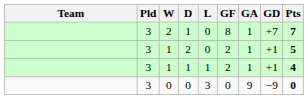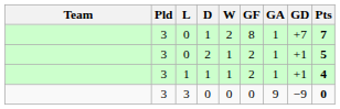 <table class="wikitable" style="text-align:center;">
 <tr>
 <th width=180>Team</th>
 <th width=20>Pld</th>
+<th width=20>L</th>
+<th width=20>D</th>
 <th width=20>W</th>
-<th width=20>D</th>
-<th width=20>L</th>
 <th width=20>GF</th>
 <th width=20>GA</th>
 <th width=20>GD</th>
 <th width=20>Pts</th>
 </tr>
 <tr bgcolor=ccffcc>
 <td align="left"></td>
 <td>3</td>
+<td>0</td>
+<td>1</td>
 <td>2</td>
-<td>1</td>
-<td>0</td>
 <td>8</td>
 <td>1</td>
 <td>+7</td>
 <td><strong>7</strong></td>
 </tr>
 <tr bgcolor=ccffcc>
 <td align="left"></td>
 <td>3</td>
+<td>0</td>
+<td>2</td>
 <td>1</td>
-<td>2</td>
-<td>0</td>
 <td>2</td>
 <td>1</td>
 <td>+1</td>
 <td><strong>5</strong></td>
 </tr>
 <tr bgcolor=ccffcc>
 <td align="left"></td>
 <td>3</td>
 <td>1</td>
 <td>1</td>
 <td>1</td>
 <td>2</td>
 <td>1</td>
 <td>+1</td>
 <td><strong>4</strong></td>
 </tr>
 <tr>
 <td align="left"><em></em></td>
 <td>3</td>
+<td>3</td>
 <td>0</td>
 <td>0</td>
-<td>3</td>
 <td>0</td>
 <td>9</td>
 <td>−9</td>
 <td><strong>0</strong></td>
 </tr>
 </table>
